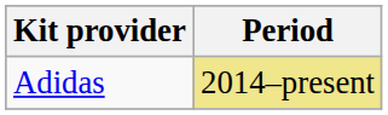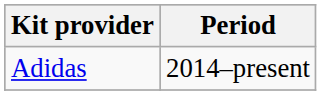 <table class="wikitable">
 <tr>
 <th>Kit provider</th>
 <th>Period</th>
 </tr>
 <tr>
 <td> <a href='#'>Adidas</a></td>
-<td style="background: khaki;">2014–present</td>
+<td>2014–present</td>
 </tr>
 </table>
